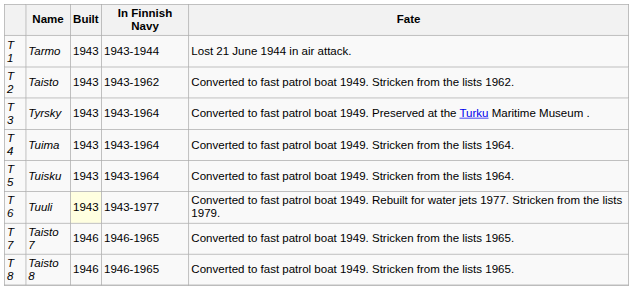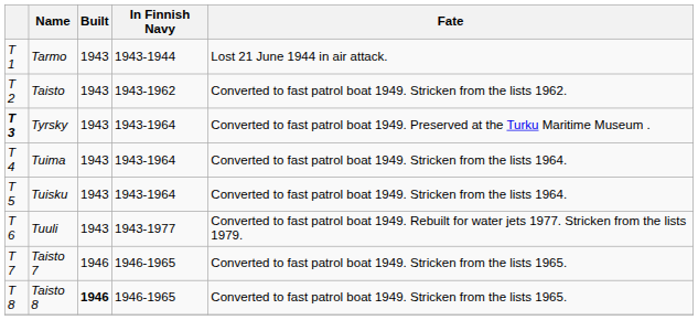 <table class="wikitable">
 <tr>
 <th></th>
 <th>Name</th>
 <th>Built</th>
 <th>In Finnish Navy</th>
 <th>Fate</th>
 </tr>
 <tr>
 <td><em>T 1</em></td>
 <td><em>Tarmo</em></td>
 <td>1943</td>
 <td>1943-1944</td>
 <td>Lost 21 June 1944 in air attack.</td>
 </tr>
 <tr>
 <td><em>T 2</em></td>
 <td><em>Taisto</em></td>
 <td>1943</td>
 <td>1943-1962</td>
 <td>Converted to fast patrol boat 1949. Stricken from the lists 1962.</td>
 </tr>
 <tr>
-<td><em>T 3</em></td>
+<td><strong><em>T 3</em></strong></td>
 <td><em>Tyrsky</em></td>
 <td>1943</td>
 <td>1943-1964</td>
 <td>Converted to fast patrol boat 1949. Preserved at the <a href='#'>Turku</a> Maritime Museum .</td>
 </tr>
 <tr>
 <td><em>T 4</em></td>
 <td><em>Tuima</em></td>
 <td>1943</td>
 <td>1943-1964</td>
 <td>Converted to fast patrol boat 1949. Stricken from the lists 1964.</td>
 </tr>
 <tr>
 <td><em>T 5</em></td>
 <td><em>Tuisku</em></td>
 <td>1943</td>
 <td>1943-1964</td>
 <td>Converted to fast patrol boat 1949. Stricken from the lists 1964.</td>
 </tr>
 <tr>
 <td><em>T 6</em></td>
 <td><em>Tuuli</em></td>
-<td style="background: lightyellow;">1943</td>
+<td>1943</td>
 <td>1943-1977</td>
 <td>Converted to fast patrol boat 1949. Rebuilt for water jets 1977. Stricken from the lists 1979.</td>
 </tr>
 <tr>
 <td><em>T 7</em></td>
 <td><em>Taisto 7</em></td>
 <td>1946</td>
 <td>1946-1965</td>
 <td>Converted to fast patrol boat 1949. Stricken from the lists 1965.</td>
 </tr>
 <tr>
 <td><em>T 8</em></td>
 <td><em>Taisto 8</em></td>
-<td>1946</td>
+<td><strong>1946</strong></td>
 <td>1946-1965</td>
 <td>Converted to fast patrol boat 1949. Stricken from the lists 1965.</td>
 </tr>
 <tr>
 </tr>
 </table>
